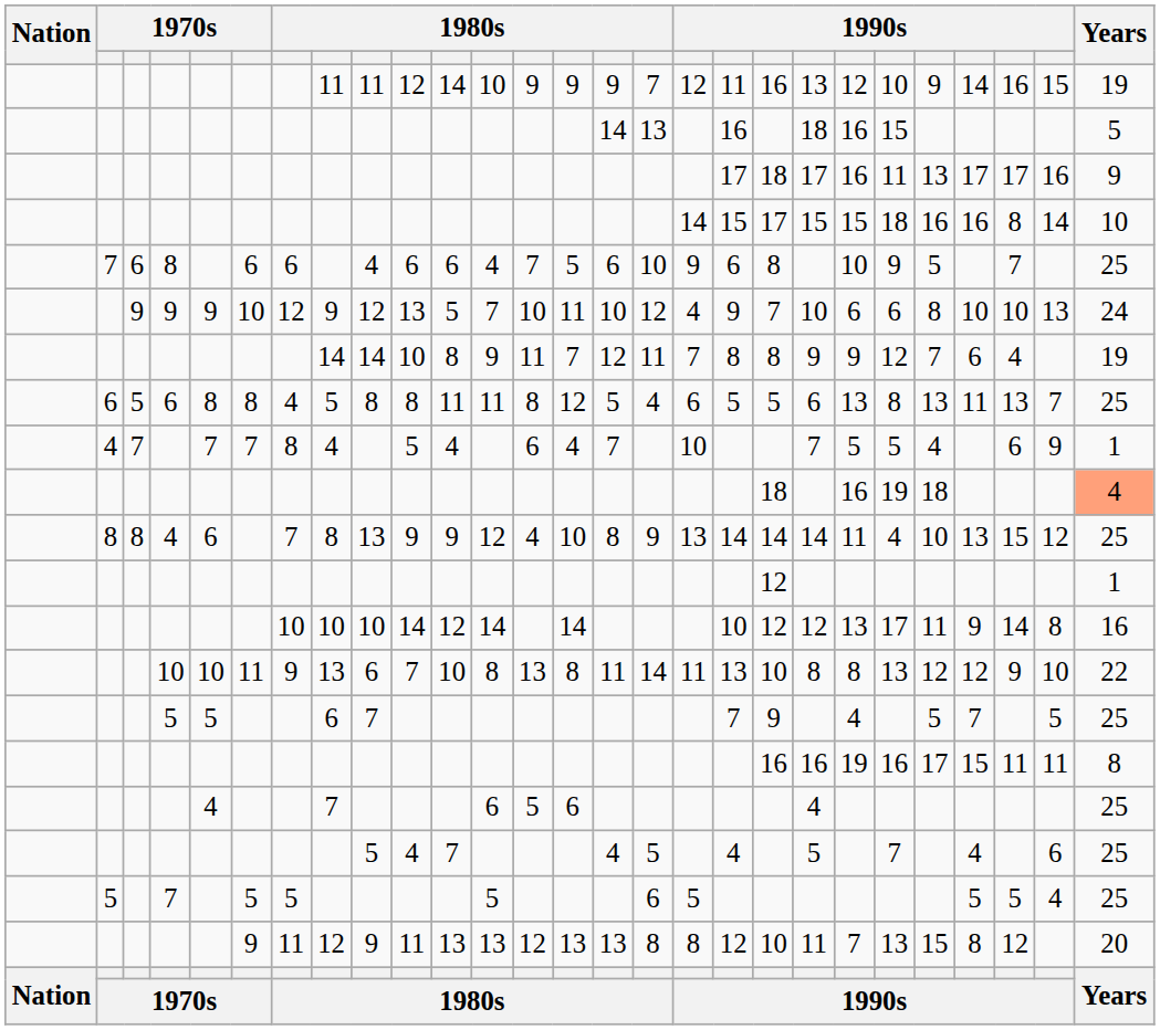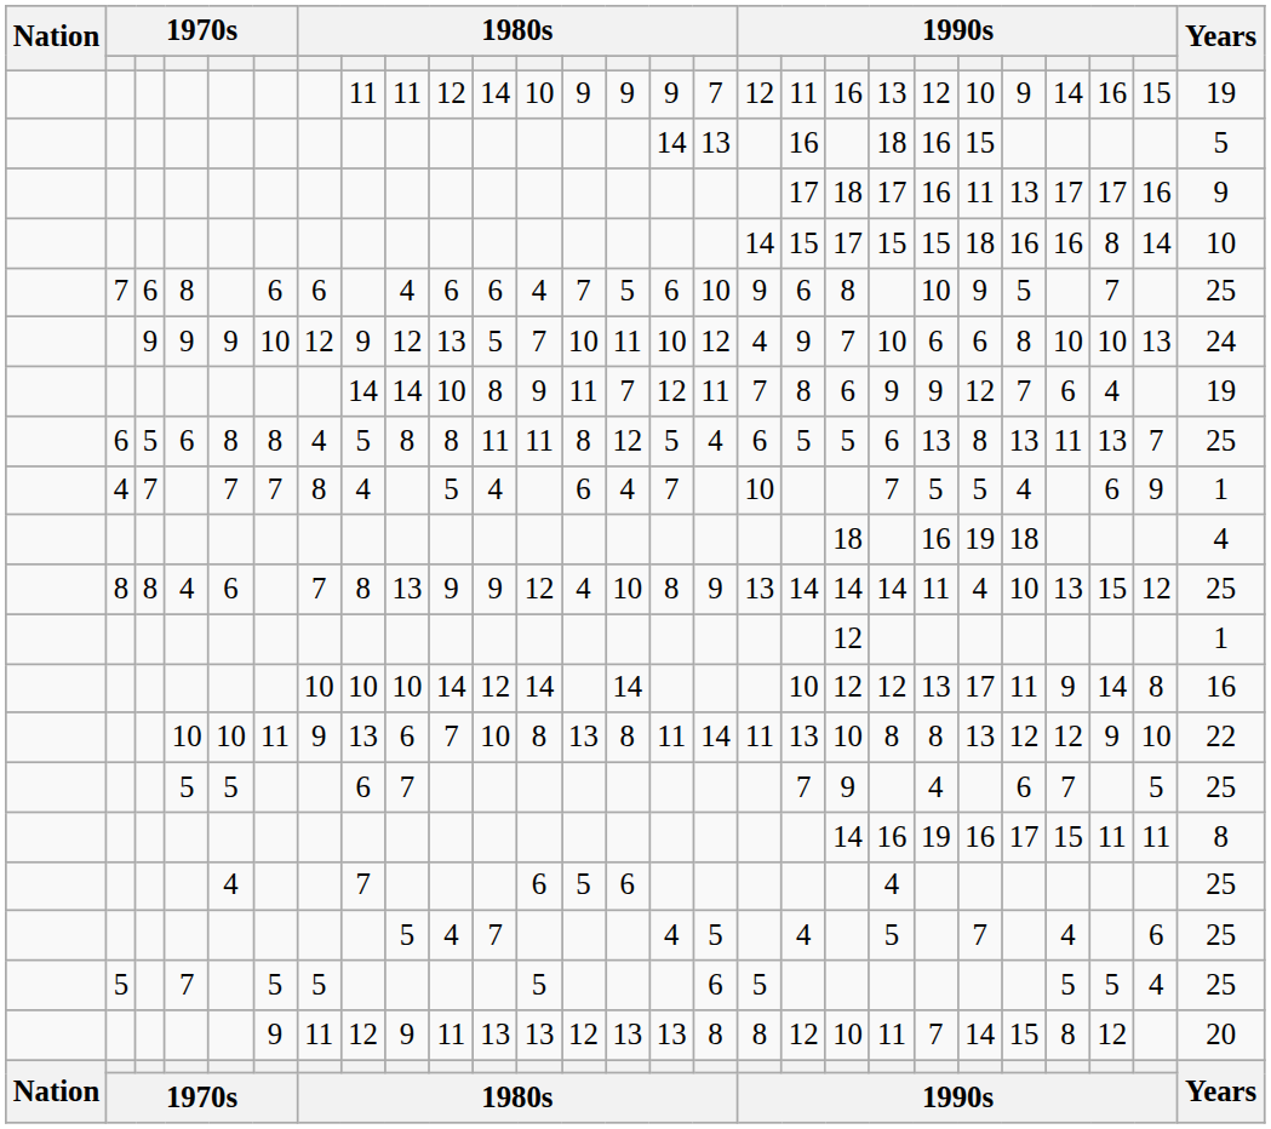 <table class="wikitable" style="text-align:center; font-size:90%;">
 <tr>
 <th rowspan=2>Nation</th>
 <th colspan=5>1970s</th>
 <th colspan=10>1980s</th>
 <th colspan=10>1990s</th>
 <th rowspan=2>Years</th>
 </tr>
 <tr>
 <th></th>
 <th></th>
 <th></th>
 <th></th>
 <th></th>
 <th></th>
 <th></th>
 <th></th>
 <th></th>
 <th></th>
 <th></th>
 <th></th>
 <th></th>
 <th></th>
 <th></th>
 <th></th>
 <th></th>
 <th></th>
 <th></th>
 <th></th>
 <th></th>
 <th></th>
 <th></th>
 <th></th>
 <th></th>
 </tr>
 <tr>
 <td align=left></td>
 <td></td>
 <td></td>
 <td></td>
 <td></td>
 <td></td>
 <td></td>
 <td>11</td>
 <td>11</td>
 <td>12</td>
 <td>14</td>
 <td>10</td>
 <td>9</td>
 <td>9</td>
 <td>9</td>
 <td>7</td>
 <td>12</td>
 <td>11</td>
 <td>16</td>
 <td>13</td>
 <td>12</td>
 <td>10</td>
 <td>9</td>
 <td>14</td>
 <td>16</td>
 <td>15</td>
 <td>19</td>
 </tr>
 <tr>
 <td align=left></td>
 <td></td>
 <td></td>
 <td></td>
 <td></td>
 <td></td>
 <td></td>
 <td></td>
 <td></td>
 <td></td>
 <td></td>
 <td></td>
 <td></td>
 <td></td>
 <td>14</td>
 <td>13</td>
 <td></td>
 <td>16</td>
 <td></td>
 <td>18</td>
 <td>16</td>
 <td>15</td>
 <td></td>
 <td></td>
 <td></td>
 <td></td>
 <td>5</td>
 </tr>
 <tr>
 <td align=left></td>
 <td></td>
 <td></td>
 <td></td>
 <td></td>
 <td></td>
 <td></td>
 <td></td>
 <td></td>
 <td></td>
 <td></td>
 <td></td>
 <td></td>
 <td></td>
 <td></td>
 <td></td>
 <td></td>
 <td>17</td>
 <td>18</td>
 <td>17</td>
 <td>16</td>
 <td>11</td>
 <td>13</td>
 <td>17</td>
 <td>17</td>
 <td>16</td>
 <td>9</td>
 </tr>
 <tr>
 <td align=left></td>
 <td></td>
 <td></td>
 <td></td>
 <td></td>
 <td></td>
 <td></td>
 <td></td>
 <td></td>
 <td></td>
 <td></td>
 <td></td>
 <td></td>
 <td></td>
 <td></td>
 <td></td>
 <td>14</td>
 <td>15</td>
 <td>17</td>
 <td>15</td>
 <td>15</td>
 <td>18</td>
 <td>16</td>
 <td>16</td>
 <td>8</td>
 <td>14</td>
 <td>10</td>
 </tr>
 <tr>
 <td align=left></td>
 <td>7</td>
 <td>6</td>
 <td>8</td>
 <td></td>
 <td>6</td>
 <td>6</td>
 <td></td>
 <td>4</td>
 <td>6</td>
 <td>6</td>
 <td>4</td>
 <td>7</td>
 <td>5</td>
 <td>6</td>
 <td>10</td>
 <td>9</td>
 <td>6</td>
 <td>8</td>
 <td></td>
 <td>10</td>
 <td>9</td>
 <td>5</td>
 <td></td>
 <td>7</td>
 <td></td>
 <td>25</td>
 </tr>
 <tr>
 <td align=left></td>
 <td></td>
 <td>9</td>
 <td>9</td>
 <td>9</td>
 <td>10</td>
 <td>12</td>
 <td>9</td>
 <td>12</td>
 <td>13</td>
 <td>5</td>
 <td>7</td>
 <td>10</td>
 <td>11</td>
 <td>10</td>
 <td>12</td>
 <td>4</td>
 <td>9</td>
 <td>7</td>
 <td>10</td>
 <td>6</td>
 <td>6</td>
 <td>8</td>
 <td>10</td>
 <td>10</td>
 <td>13</td>
 <td>24</td>
 </tr>
 <tr>
 <td align=left></td>
 <td></td>
 <td></td>
 <td></td>
 <td></td>
 <td></td>
 <td></td>
 <td>14</td>
 <td>14</td>
 <td>10</td>
 <td>8</td>
 <td>9</td>
 <td>11</td>
 <td>7</td>
 <td>12</td>
 <td>11</td>
 <td>7</td>
 <td>8</td>
-<td>8</td>
+<td>6</td>
 <td>9</td>
 <td>9</td>
 <td>12</td>
 <td>7</td>
 <td>6</td>
 <td>4</td>
 <td></td>
 <td>19</td>
 </tr>
 <tr>
 <td align=left></td>
 <td>6</td>
 <td>5</td>
 <td>6</td>
 <td>8</td>
 <td>8</td>
 <td>4</td>
 <td>5</td>
 <td>8</td>
 <td>8</td>
 <td>11</td>
 <td>11</td>
 <td>8</td>
 <td>12</td>
 <td>5</td>
 <td>4</td>
 <td>6</td>
 <td>5</td>
 <td>5</td>
 <td>6</td>
 <td>13</td>
 <td>8</td>
 <td>13</td>
 <td>11</td>
 <td>13</td>
 <td>7</td>
 <td>25</td>
 </tr>
 <tr>
 <td align=left></td>
 <td>4</td>
 <td>7</td>
 <td></td>
 <td>7</td>
 <td>7</td>
 <td>8</td>
 <td>4</td>
 <td></td>
 <td>5</td>
 <td>4</td>
 <td></td>
 <td>6</td>
 <td>4</td>
 <td>7</td>
 <td></td>
 <td>10</td>
 <td></td>
 <td></td>
 <td>7</td>
 <td>5</td>
 <td>5</td>
 <td>4</td>
 <td></td>
 <td>6</td>
 <td>9</td>
 <td>1</td>
 </tr>
 <tr>
 <td align="left"></td>
 <td></td>
 <td></td>
 <td></td>
 <td></td>
 <td></td>
 <td></td>
 <td></td>
 <td></td>
 <td></td>
 <td></td>
 <td></td>
 <td></td>
 <td></td>
 <td></td>
 <td></td>
 <td></td>
 <td></td>
 <td>18</td>
 <td></td>
 <td>16</td>
 <td>19</td>
 <td>18</td>
 <td></td>
 <td></td>
 <td></td>
-<td style="background: lightsalmon;">4</td>
+<td>4</td>
 </tr>
 <tr>
 <td align="left"></td>
 <td>8</td>
 <td>8</td>
 <td>4</td>
 <td>6</td>
 <td></td>
 <td>7</td>
 <td>8</td>
 <td>13</td>
 <td>9</td>
 <td>9</td>
 <td>12</td>
 <td>4</td>
 <td>10</td>
 <td>8</td>
 <td>9</td>
 <td>13</td>
 <td>14</td>
 <td>14</td>
 <td>14</td>
 <td>11</td>
 <td>4</td>
 <td>10</td>
 <td>13</td>
 <td>15</td>
 <td>12</td>
 <td>25</td>
 </tr>
 <tr>
 <td align="left"></td>
 <td></td>
 <td></td>
 <td></td>
 <td></td>
 <td></td>
 <td></td>
 <td></td>
 <td></td>
 <td></td>
 <td></td>
 <td></td>
 <td></td>
 <td></td>
 <td></td>
 <td></td>
 <td></td>
 <td></td>
 <td>12</td>
 <td></td>
 <td></td>
 <td></td>
 <td></td>
 <td></td>
 <td></td>
 <td></td>
 <td>1</td>
 </tr>
 <tr>
 <td align="left"></td>
 <td></td>
 <td></td>
 <td></td>
 <td></td>
 <td></td>
 <td>10</td>
 <td>10</td>
 <td>10</td>
 <td>14</td>
 <td>12</td>
 <td>14</td>
 <td></td>
 <td>14</td>
 <td></td>
 <td></td>
 <td></td>
 <td>10</td>
 <td>12</td>
 <td>12</td>
 <td>13</td>
 <td>17</td>
 <td>11</td>
 <td>9</td>
 <td>14</td>
 <td>8</td>
 <td>16</td>
 </tr>
 <tr>
 <td align="left"></td>
 <td></td>
 <td></td>
 <td>10</td>
 <td>10</td>
 <td>11</td>
 <td>9</td>
 <td>13</td>
 <td>6</td>
 <td>7</td>
 <td>10</td>
 <td>8</td>
 <td>13</td>
 <td>8</td>
 <td>11</td>
 <td>14</td>
 <td>11</td>
 <td>13</td>
 <td>10</td>
 <td>8</td>
 <td>8</td>
 <td>13</td>
 <td>12</td>
 <td>12</td>
 <td>9</td>
 <td>10</td>
 <td>22</td>
 </tr>
 <tr>
 <td align="left"></td>
 <td></td>
 <td></td>
 <td>5</td>
 <td>5</td>
 <td></td>
 <td></td>
 <td>6</td>
 <td>7</td>
 <td></td>
 <td></td>
 <td></td>
 <td></td>
 <td></td>
 <td></td>
 <td></td>
 <td></td>
 <td>7</td>
 <td>9</td>
 <td></td>
 <td>4</td>
 <td></td>
-<td>5</td>
+<td>6</td>
 <td>7</td>
 <td></td>
 <td>5</td>
 <td>25</td>
 </tr>
 <tr>
 <td align="left"></td>
 <td></td>
 <td></td>
 <td></td>
 <td></td>
 <td></td>
 <td></td>
 <td></td>
 <td></td>
 <td></td>
 <td></td>
 <td></td>
 <td></td>
 <td></td>
 <td></td>
 <td></td>
 <td></td>
 <td></td>
-<td>16</td>
+<td>14</td>
 <td>16</td>
 <td>19</td>
 <td>16</td>
 <td>17</td>
 <td>15</td>
 <td>11</td>
 <td>11</td>
 <td>8</td>
 </tr>
 <tr>
 <td align="left"></td>
 <td></td>
 <td></td>
 <td></td>
 <td>4</td>
 <td></td>
 <td></td>
 <td>7</td>
 <td></td>
 <td></td>
 <td></td>
 <td>6</td>
 <td>5</td>
 <td>6</td>
 <td></td>
 <td></td>
 <td></td>
 <td></td>
 <td></td>
 <td>4</td>
 <td></td>
 <td></td>
 <td></td>
 <td></td>
 <td></td>
 <td></td>
 <td>25</td>
 </tr>
 <tr>
 <td align="left"></td>
 <td></td>
 <td></td>
 <td></td>
 <td></td>
 <td></td>
 <td></td>
 <td></td>
 <td>5</td>
 <td>4</td>
 <td>7</td>
 <td></td>
 <td></td>
 <td></td>
 <td>4</td>
 <td>5</td>
 <td></td>
 <td>4</td>
 <td></td>
 <td>5</td>
 <td></td>
 <td>7</td>
 <td></td>
 <td>4</td>
 <td></td>
 <td>6</td>
 <td>25</td>
 </tr>
 <tr>
 <td align="left"></td>
 <td>5</td>
 <td></td>
 <td>7</td>
 <td></td>
 <td>5</td>
 <td>5</td>
 <td></td>
 <td></td>
 <td></td>
 <td></td>
 <td>5</td>
 <td></td>
 <td></td>
 <td></td>
 <td>6</td>
 <td>5</td>
 <td></td>
 <td></td>
 <td></td>
 <td></td>
 <td></td>
 <td></td>
 <td>5</td>
 <td>5</td>
 <td>4</td>
 <td>25</td>
 </tr>
 <tr>
 <td align="left"></td>
 <td></td>
 <td></td>
 <td></td>
 <td></td>
 <td>9</td>
 <td>11</td>
 <td>12</td>
 <td>9</td>
 <td>11</td>
 <td>13</td>
 <td>13</td>
 <td>12</td>
 <td>13</td>
 <td>13</td>
 <td>8</td>
 <td>8</td>
 <td>12</td>
 <td>10</td>
 <td>11</td>
 <td>7</td>
-<td>13</td>
+<td>14</td>
 <td>15</td>
 <td>8</td>
 <td>12</td>
 <td></td>
 <td>20</td>
 </tr>
 <tr>
 <th rowspan="2">Nation</th>
 <th></th>
 <th></th>
 <th></th>
 <th></th>
 <th></th>
 <th></th>
 <th></th>
 <th></th>
 <th></th>
 <th></th>
 <th></th>
 <th></th>
 <th></th>
 <th></th>
 <th></th>
 <th></th>
 <th></th>
 <th></th>
 <th></th>
 <th></th>
 <th></th>
 <th></th>
 <th></th>
 <th></th>
 <th></th>
 <th rowspan=2>Years</th>
 </tr>
 <tr>
 <th colspan="5">1970s</th>
 <th colspan="10">1980s</th>
 <th colspan="10">1990s</th>
 </tr>
 </table>
